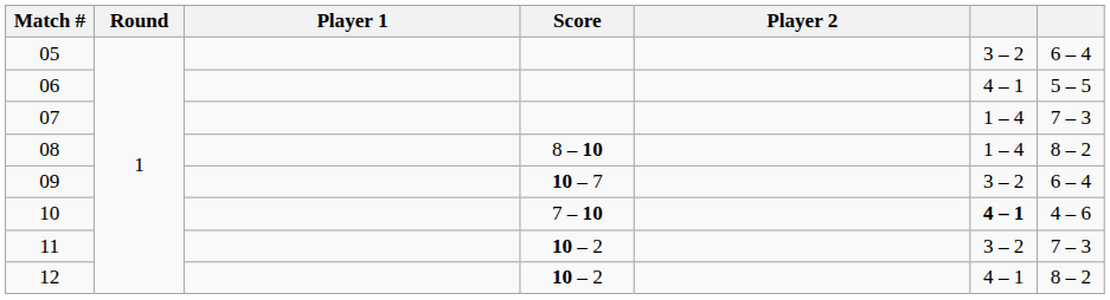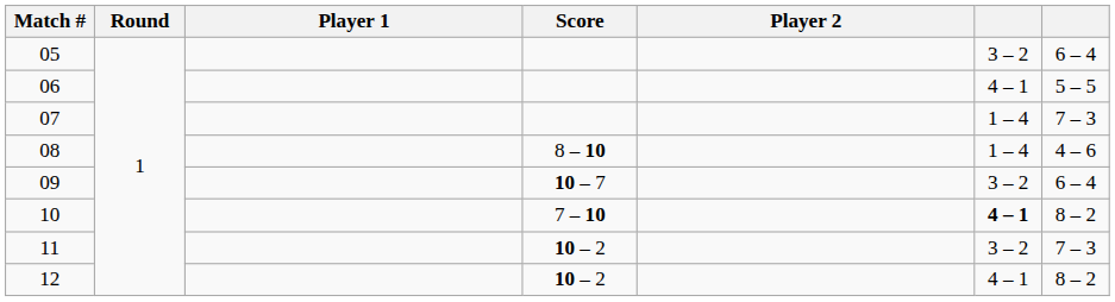 <table class="wikitable">
 <tr>
 <th width="2%">Match #</th>
 <th width="2%">Round</th>
 <th width="15%">Player 1</th>
 <th width="5%">Score</th>
 <th width="15%">Player 2</th>
 <th width="3%"></th>
 <th width="3%"></th>
 </tr>
 <tr style=text-align:center;"background:#;">
 <td>05</td>
 <td rowspan=8>1</td>
 <td></td>
 <td></td>
 <td></td>
 <td>3 – 2</td>
 <td>6 – 4</td>
 </tr>
 <tr style=text-align:center;"background:#;">
 <td>06</td>
 <td></td>
 <td></td>
 <td></td>
 <td>4 – 1</td>
 <td>5 – 5</td>
 </tr>
 <tr style=text-align:center;"background:#;">
 <td>07</td>
 <td></td>
 <td></td>
 <td></td>
 <td>1 – 4</td>
 <td>7 – 3</td>
 </tr>
 <tr style=text-align:center;"background:#;">
 <td>08</td>
 <td></td>
 <td>8 – <strong>10</strong></td>
 <td><strong></strong></td>
 <td>1 – 4</td>
-<td>8 – 2</td>
+<td>4 – 6</td>
 </tr>
 <tr style=text-align:center;"background:#;">
 <td>09</td>
 <td><strong></strong></td>
 <td><strong>10</strong> – 7</td>
 <td></td>
 <td>3 – 2</td>
 <td>6 – 4</td>
 </tr>
 <tr style=text-align:center;"background:#;">
 <td>10</td>
 <td></td>
 <td>7 – <strong>10</strong></td>
 <td></td>
 <td><strong>4 – 1</strong></td>
-<td>4 – 6</td>
+<td>8 – 2</td>
 </tr>
 <tr style=text-align:center;"background:#;">
 <td>11</td>
 <td></td>
 <td><strong>10</strong> – 2</td>
 <td></td>
 <td>3 – 2</td>
 <td>7 – 3</td>
 </tr>
 <tr style=text-align:center;"background:#;">
 <td>12</td>
 <td></td>
 <td><strong>10</strong> – 2</td>
 <td></td>
 <td>4 – 1</td>
 <td>8 – 2</td>
 </tr>
 </table>
